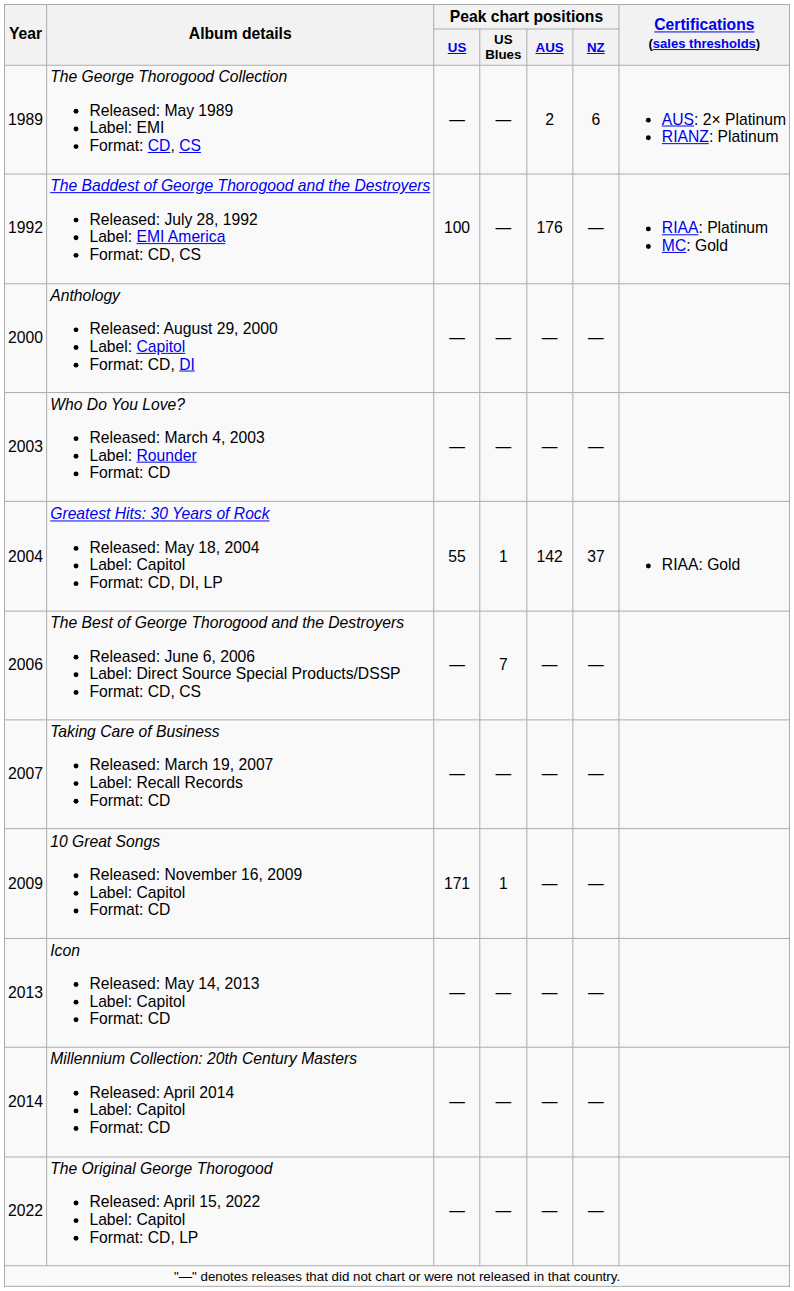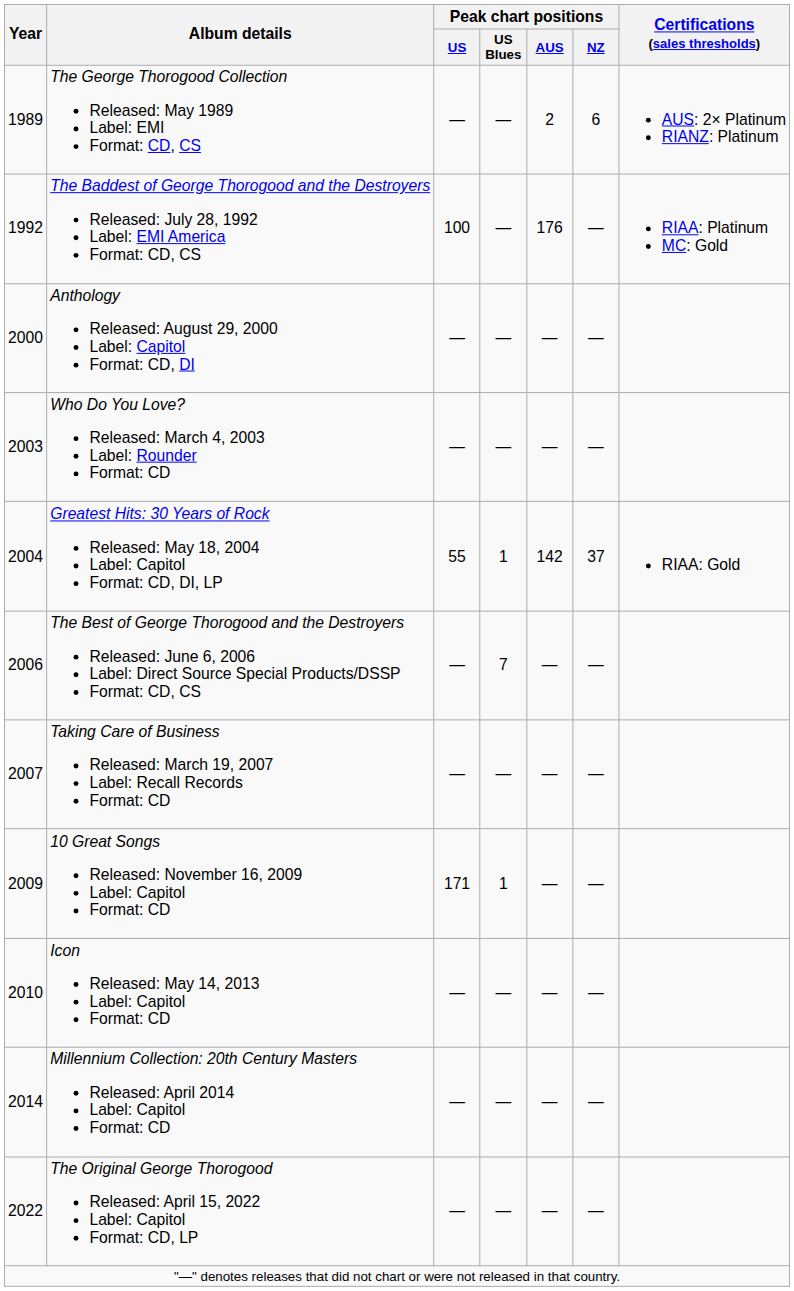 <table class="wikitable">
 <tr>
 <th rowspan="2">Year</th>
 <th rowspan="2">Album details</th>
 <th colspan="4">Peak chart positions</th>
 <th rowspan="2"><a href='#'>Certifications</a><br><small>(<a href='#'>sales thresholds</a>)</small></th>
 </tr>
 <tr>
 <th scope="col" style="width:3em;font-size:85%;"><a href='#'>US</a><br></th>
 <th scope="col" style="width:3em;font-size:85%;">US Blues<br></th>
 <th scope="col" style="width:3em;font-size:85%;"><a href='#'>AUS</a><br></th>
 <th scope="col" style="width:3em;font-size:85%;"><a href='#'>NZ</a><br></th>
 </tr>
 <tr>
 <td>1989</td>
 <td><em>The George Thorogood Collection</em><br><ul><li>Released: May 1989</li><li>Label: EMI</li><li>Format: <a href='#'>CD</a>, <a href='#'>CS</a></li></ul></td>
 <td style="text-align:center;">—</td>
 <td style="text-align:center;">—</td>
 <td style="text-align:center;">2</td>
 <td style="text-align:center;">6</td>
 <td><br><ul><li><a href='#'>AUS</a>: 2× Platinum</li><li><a href='#'>RIANZ</a>: Platinum</li></ul></td>
 </tr>
 <tr>
 <td>1992</td>
 <td><em><a href='#'>The Baddest of George Thorogood and the Destroyers</a></em><br><ul><li>Released: July 28, 1992</li><li>Label: <a href='#'>EMI America</a></li><li>Format:  CD, CS</li></ul></td>
 <td style="text-align:center;">100</td>
 <td style="text-align:center;">—</td>
 <td style="text-align:center;">176</td>
 <td style="text-align:center;">—</td>
 <td><br><ul><li><a href='#'>RIAA</a>: Platinum</li><li><a href='#'>MC</a>: Gold</li></ul></td>
 </tr>
 <tr>
 <td>2000</td>
 <td><em>Anthology</em><br><ul><li>Released: August 29, 2000</li><li>Label: <a href='#'>Capitol</a></li><li>Format: CD, <a href='#'>DI</a></li></ul></td>
 <td style="text-align:center;">—</td>
 <td style="text-align:center;">—</td>
 <td style="text-align:center;">—</td>
 <td style="text-align:center;">—</td>
 <td></td>
 </tr>
 <tr>
 <td>2003</td>
 <td><em>Who Do You Love?</em><br><ul><li>Released: March 4, 2003</li><li>Label: <a href='#'>Rounder</a></li><li>Format: CD</li></ul></td>
 <td style="text-align:center;">—</td>
 <td style="text-align:center;">—</td>
 <td style="text-align:center;">—</td>
 <td style="text-align:center;">—</td>
 <td></td>
 </tr>
 <tr>
 <td>2004</td>
 <td><em><a href='#'>Greatest Hits: 30 Years of Rock</a></em><br><ul><li>Released: May 18, 2004</li><li>Label: Capitol</li><li>Format: CD, DI, LP</li></ul></td>
 <td style="text-align:center;">55</td>
 <td style="text-align:center;">1</td>
 <td style="text-align:center;">142</td>
 <td style="text-align:center;">37</td>
 <td><br><ul><li>RIAA: Gold</li></ul></td>
 </tr>
 <tr>
 <td>2006</td>
 <td><em>The Best of George Thorogood and the Destroyers</em><br><ul><li>Released: June 6, 2006</li><li>Label: Direct Source Special Products/DSSP</li><li>Format: CD, CS</li></ul></td>
 <td style="text-align:center;">—</td>
 <td style="text-align:center;">7</td>
 <td style="text-align:center;">—</td>
 <td style="text-align:center;">—</td>
 <td></td>
 </tr>
 <tr>
 <td>2007</td>
 <td><em>Taking Care of Business</em> <br><ul><li>Released: March 19, 2007</li><li>Label: Recall Records</li><li>Format: CD</li></ul></td>
 <td style="text-align:center;">—</td>
 <td style="text-align:center;">—</td>
 <td style="text-align:center;">—</td>
 <td style="text-align:center;">—</td>
 <td></td>
 </tr>
 <tr>
 <td>2009</td>
 <td><em>10 Great Songs</em><br><ul><li>Released: November 16, 2009</li><li>Label: Capitol</li><li>Format: CD</li></ul></td>
 <td style="text-align: center;">171</td>
 <td style="text-align: center;">1</td>
 <td style="text-align: center;">—</td>
 <td style="text-align: center;">—</td>
 <td></td>
 </tr>
 <tr>
-<td>2013</td>
+<td>2010</td>
 <td><em>Icon</em><br><ul><li>Released: May 14, 2013</li><li>Label: Capitol</li><li>Format: CD</li></ul></td>
 <td style="text-align:center;">—</td>
 <td style="text-align:center;">—</td>
 <td style="text-align:center;">—</td>
 <td style="text-align:center;">—</td>
 <td></td>
 </tr>
 <tr>
 <td>2014</td>
 <td><em>Millennium Collection: 20th Century Masters</em><br><ul><li>Released: April 2014</li><li>Label: Capitol</li><li>Format: CD</li></ul></td>
 <td style="text-align:center;">—</td>
 <td style="text-align:center;">—</td>
 <td style="text-align:center;">—</td>
 <td style="text-align:center;">—</td>
 <td></td>
 </tr>
 <tr>
 <td>2022</td>
 <td><em>The Original George Thorogood</em><br><ul><li>Released: April 15, 2022</li><li>Label: Capitol</li><li>Format: CD, LP</li></ul></td>
 <td style="text-align:center;">—</td>
 <td style="text-align:center;">—</td>
 <td style="text-align:center;">—</td>
 <td style="text-align:center;">—</td>
 <td></td>
 </tr>
 <tr>
 <td colspan="8"  style="text-align:center; font-size:85%;">"—" denotes releases that did not chart or were not released in that country.</td>
 </tr>
 </table>
